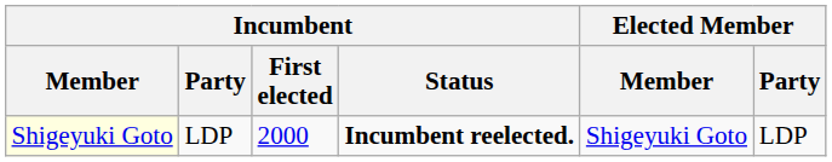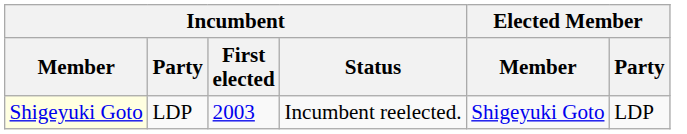 <table class="wikitable sortable">
 <tr>
 <th colspan=4>Incumbent</th>
 <th colspan=2>Elected Member</th>
 </tr>
 <tr>
 <th>Member</th>
 <th>Party</th>
 <th>First<br>elected</th>
 <th>Status</th>
 <th>Member</th>
 <th>Party</th>
 </tr>
 <tr>
 <td style="background: lightyellow;"><a href='#'>Shigeyuki Goto</a></td>
 <td>LDP</td>
-<td><a href='#'>2000</a></td>
-<td><strong>Incumbent reelected.</strong></td>
+<td><a href='#'>2003</a></td>
+<td>Incumbent reelected.</td>
 <td><a href='#'>Shigeyuki Goto</a></td>
 <td>LDP</td>
 </tr>
 </table>
